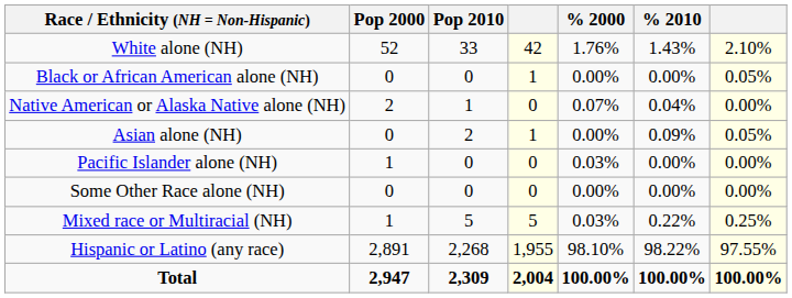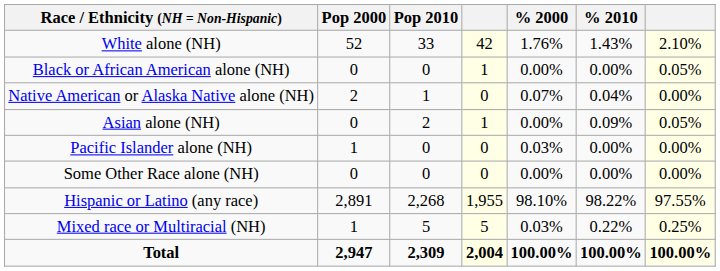 <table class="wikitable" style="text-align:center;">
 <tr>
 <th>Race / Ethnicity <small>(<em>NH = Non-Hispanic</em>)</small></th>
 <th>Pop 2000</th>
 <th>Pop 2010</th>
 <th></th>
 <th>% 2000</th>
 <th>% 2010</th>
 <th></th>
 </tr>
 <tr>
 <td><a href='#'>White</a> alone (NH)</td>
 <td>52</td>
 <td>33</td>
 <td style='background: #ffffe6;'>42</td>
 <td>1.76%</td>
 <td>1.43%</td>
 <td style='background: #ffffe6;'>2.10%</td>
 </tr>
 <tr>
 <td><a href='#'>Black or African American</a> alone (NH)</td>
 <td>0</td>
 <td>0</td>
 <td style='background: #ffffe6;'>1</td>
 <td>0.00%</td>
 <td>0.00%</td>
 <td style='background: #ffffe6;'>0.05%</td>
 </tr>
 <tr>
 <td><a href='#'>Native American</a> or <a href='#'>Alaska Native</a> alone (NH)</td>
 <td>2</td>
 <td>1</td>
 <td style='background: #ffffe6;'>0</td>
 <td>0.07%</td>
 <td>0.04%</td>
 <td style='background: #ffffe6;'>0.00%</td>
 </tr>
 <tr>
 <td><a href='#'>Asian</a> alone (NH)</td>
 <td>0</td>
 <td>2</td>
 <td style='background: #ffffe6;'>1</td>
 <td>0.00%</td>
 <td>0.09%</td>
 <td style='background: #ffffe6;'>0.05%</td>
 </tr>
 <tr>
 <td><a href='#'>Pacific Islander</a> alone (NH)</td>
 <td>1</td>
 <td>0</td>
 <td style='background: #ffffe6;'>0</td>
 <td>0.03%</td>
 <td>0.00%</td>
 <td style='background: #ffffe6;'>0.00%</td>
 </tr>
 <tr>
 <td>Some Other Race alone (NH)</td>
 <td>0</td>
 <td>0</td>
 <td style='background: #ffffe6;'>0</td>
 <td>0.00%</td>
 <td>0.00%</td>
 <td style='background: #ffffe6;'>0.00%</td>
 </tr>
 <tr>
+<td><a href='#'>Hispanic or Latino</a> (any race)</td>
+<td>2,891</td>
+<td>2,268</td>
+<td style='background: #ffffe6;'>1,955</td>
+<td>98.10%</td>
+<td>98.22%</td>
+<td style='background: #ffffe6;'>97.55%</td>
+</tr>
+<tr>
 <td><a href='#'>Mixed race or Multiracial</a> (NH)</td>
 <td>1</td>
 <td>5</td>
 <td style='background: #ffffe6;'>5</td>
 <td>0.03%</td>
 <td>0.22%</td>
 <td style='background: #ffffe6;'>0.25%</td>
-</tr>
-<tr>
-<td><a href='#'>Hispanic or Latino</a> (any race)</td>
-<td>2,891</td>
-<td>2,268</td>
-<td style='background: #ffffe6;'>1,955</td>
-<td>98.10%</td>
-<td>98.22%</td>
-<td style='background: #ffffe6;'>97.55%</td>
 </tr>
 <tr>
 <td><strong>Total</strong></td>
 <td><strong>2,947</strong></td>
 <td><strong>2,309</strong></td>
 <td style='background: #ffffe6;'><strong>2,004</strong></td>
 <td><strong>100.00%</strong></td>
 <td><strong>100.00%</strong></td>
 <td style='background: #ffffe6;'><strong>100.00%</strong></td>
 </tr>
 </table>
